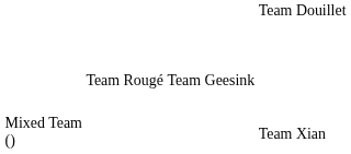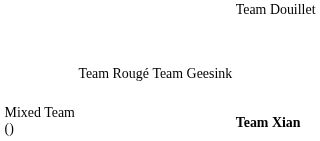 <table>
 <tr>
 <td rowspan=2>Mixed Team<br>()</td>
 <td rowspan=2>Team Rougé<br><br><br><br><br><br><br></td>
 <td rowspan=2>Team Geesink<br> <br><br><br><br><br><br></td>
 <td>Team Douillet<br><br><br><br><br><br><br></td>
 </tr>
 <tr>
-<td>Team Xian<br><br><br><br><br><br><br><br></td>
+<td><strong>Team Xian<br><br><br><br><br><br><br><br></strong></td>
 </tr>
 </table>
